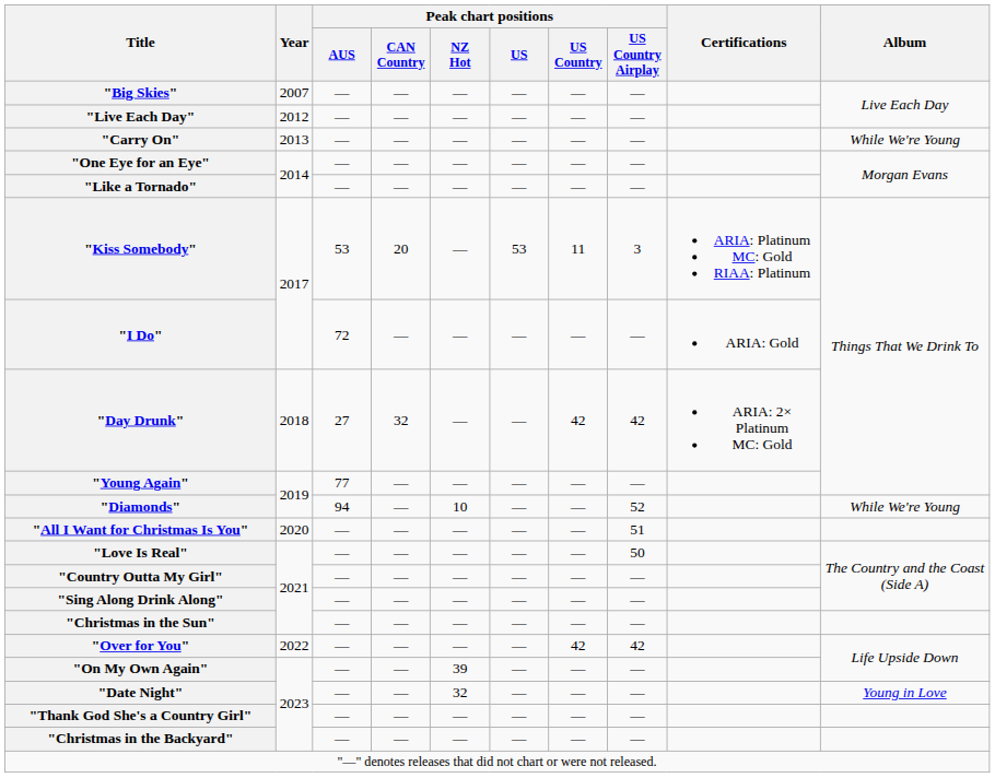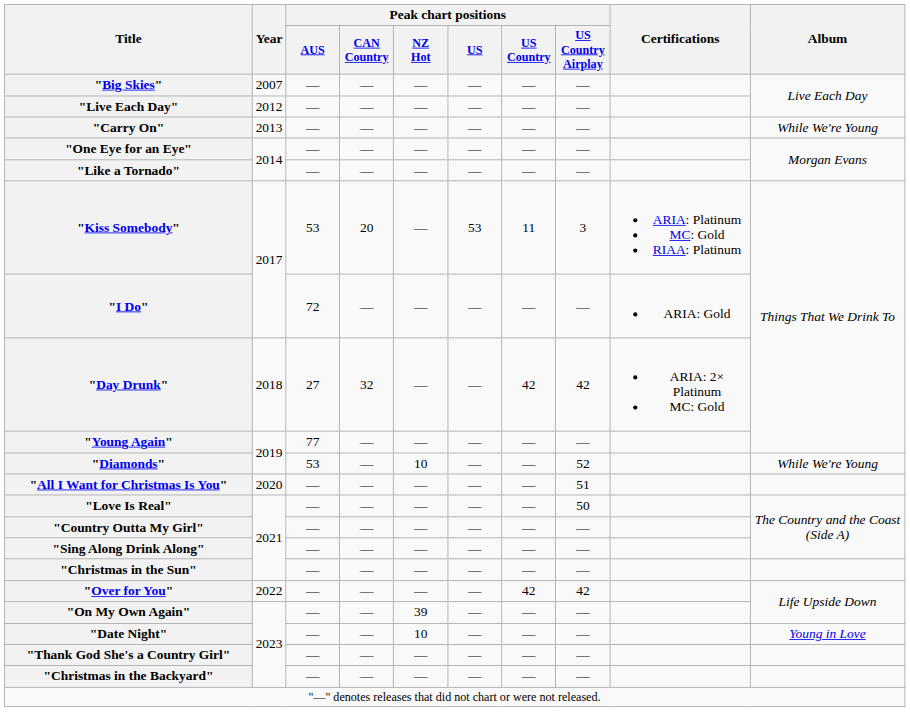 <table class="wikitable plainrowheaders" style="text-align:center;">
 <tr>
 <th scope="col" rowspan="2" style="width:18em;">Title</th>
 <th scope="col" rowspan="2" style="width:1em;">Year</th>
 <th scope="col" colspan="6">Peak chart positions</th>
 <th scope="col" rowspan="2" style="width:10em;">Certifications</th>
 <th scope="col" rowspan="2" style="width:11em;">Album</th>
 </tr>
 <tr>
 <th scope="col" style="width:4em;font-size:90%;"><a href='#'>AUS</a><br></th>
 <th scope="col" style="width:4em;font-size:90%;"><a href='#'>CAN Country</a><br></th>
 <th scope="col" style="width:4em;font-size:90%;"><a href='#'>NZ<br>Hot</a><br></th>
 <th scope="col" style="width:4em;font-size:90%;"><a href='#'>US</a><br></th>
 <th scope="col" style="width:4em;font-size:90%;"><a href='#'>US<br>Country</a><br></th>
 <th scope="col" style="width:4em;font-size:90%;"><a href='#'>US<br>Country Airplay</a><br></th>
 </tr>
 <tr>
 <th scope="row">"<a href='#'>Big Skies</a>"</th>
 <td>2007</td>
 <td>—</td>
 <td>—</td>
 <td>—</td>
 <td>—</td>
 <td>—</td>
 <td>—</td>
 <td></td>
 <td rowspan="2"><em>Live Each Day</em></td>
 </tr>
 <tr>
 <th scope="row">"Live Each Day"</th>
 <td>2012</td>
 <td>—</td>
 <td>—</td>
 <td>—</td>
 <td>—</td>
 <td>—</td>
 <td>—</td>
 <td></td>
 </tr>
 <tr>
 <th scope="row">"Carry On"</th>
 <td>2013</td>
 <td>—</td>
 <td>—</td>
 <td>—</td>
 <td>—</td>
 <td>—</td>
 <td>—</td>
 <td></td>
 <td><em>While We're Young</em></td>
 </tr>
 <tr>
 <th scope="row">"One Eye for an Eye"</th>
 <td rowspan="2">2014</td>
 <td>—</td>
 <td>—</td>
 <td>—</td>
 <td>—</td>
 <td>—</td>
 <td>—</td>
 <td></td>
 <td rowspan="2"><em>Morgan Evans</em></td>
 </tr>
 <tr>
 <th scope="row">"Like a Tornado"</th>
 <td>—</td>
 <td>—</td>
 <td>—</td>
 <td>—</td>
 <td>—</td>
 <td>—</td>
 <td></td>
 </tr>
 <tr>
 <th scope="row">"<a href='#'>Kiss Somebody</a>"</th>
 <td rowspan="2">2017</td>
 <td>53</td>
 <td>20</td>
 <td>—</td>
 <td>53</td>
 <td>11</td>
 <td>3</td>
 <td><br><ul><li><a href='#'>ARIA</a>: Platinum</li><li><a href='#'>MC</a>: Gold</li><li><a href='#'>RIAA</a>: Platinum</li></ul></td>
 <td rowspan="4"><em>Things That We Drink To</em></td>
 </tr>
 <tr>
 <th scope="row">"<a href='#'>I Do</a>"</th>
 <td>72</td>
 <td>—</td>
 <td>—</td>
 <td>—</td>
 <td>—</td>
 <td>—</td>
 <td><br><ul><li>ARIA: Gold</li></ul></td>
 </tr>
 <tr>
 <th scope="row">"<a href='#'>Day Drunk</a>"</th>
 <td>2018</td>
 <td>27</td>
 <td>32</td>
 <td>—</td>
 <td>—</td>
 <td>42</td>
 <td>42</td>
 <td><br><ul><li>ARIA: 2× Platinum</li><li>MC: Gold</li></ul></td>
 </tr>
 <tr>
 <th scope="row">"<a href='#'>Young Again</a>"</th>
 <td rowspan="2">2019</td>
 <td>77</td>
 <td>—</td>
 <td>—</td>
 <td>—</td>
 <td>—</td>
 <td>—</td>
 <td></td>
 </tr>
 <tr>
 <th scope="row">"<a href='#'>Diamonds</a>"</th>
-<td>94</td>
+<td>53</td>
 <td>—</td>
 <td>10</td>
 <td>—</td>
 <td>—</td>
 <td>52</td>
 <td></td>
 <td><em>While We're Young</em></td>
 </tr>
 <tr>
 <th scope="row">"<a href='#'>All I Want for Christmas Is You</a>"</th>
 <td>2020</td>
 <td>—</td>
 <td>—</td>
 <td>—</td>
 <td>—</td>
 <td>—</td>
 <td>51</td>
 <td></td>
 </tr>
 <tr>
 <th scope="row">"Love Is Real"</th>
 <td rowspan="4">2021</td>
 <td>—</td>
 <td>—</td>
 <td>—</td>
 <td>—</td>
 <td>—</td>
 <td>50</td>
 <td></td>
 <td rowspan="3"><em>The Country and the Coast (Side A)</em></td>
 </tr>
 <tr>
 <th scope="row">"Country Outta My Girl" <br></th>
 <td>—</td>
 <td>—</td>
 <td>—</td>
 <td>—</td>
 <td>—</td>
 <td>—</td>
 <td></td>
 </tr>
 <tr>
 <th scope="row">"Sing Along Drink Along"</th>
 <td>—</td>
 <td>—</td>
 <td>—</td>
 <td>—</td>
 <td>—</td>
 <td>—</td>
 <td></td>
 </tr>
 <tr>
 <th scope="row">"Christmas in the Sun"</th>
 <td>—</td>
 <td>—</td>
 <td>—</td>
 <td>—</td>
 <td>—</td>
 <td>—</td>
 <td></td>
 <td></td>
 </tr>
 <tr>
 <th scope="row">"<a href='#'>Over for You</a>"</th>
 <td>2022</td>
 <td>—</td>
 <td>—</td>
 <td>—</td>
 <td>—</td>
 <td>42</td>
 <td>42</td>
 <td></td>
 <td rowspan="2"><em>Life Upside Down</em></td>
 </tr>
 <tr>
 <th scope="row">"On My Own Again"</th>
 <td rowspan="4">2023</td>
 <td>—</td>
 <td>—</td>
 <td>39</td>
 <td>—</td>
 <td>—</td>
 <td>—</td>
 <td></td>
 </tr>
 <tr>
 <th scope="row">"Date Night" <br></th>
 <td>—</td>
 <td>—</td>
-<td>32</td>
+<td>10</td>
 <td>—</td>
 <td>—</td>
 <td>—</td>
 <td></td>
 <td><em><a href='#'>Young in Love</a></em></td>
 </tr>
 <tr>
 <th scope="row">"Thank God She's a Country Girl"</th>
 <td>—</td>
 <td>—</td>
 <td>—</td>
 <td>—</td>
 <td>—</td>
 <td>—</td>
 <td></td>
 <td></td>
 </tr>
 <tr>
 <th scope="row">"Christmas in the Backyard"</th>
 <td>—</td>
 <td>—</td>
 <td>—</td>
 <td>—</td>
 <td>—</td>
 <td>—</td>
 <td></td>
 <td></td>
 </tr>
 <tr>
 <td colspan="10" style="font-size:90%">"—" denotes releases that did not chart or were not released.</td>
 </tr>
 </table>
